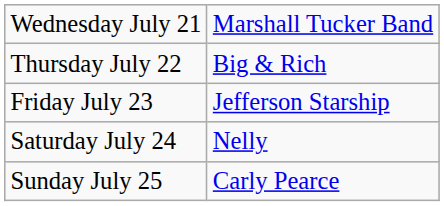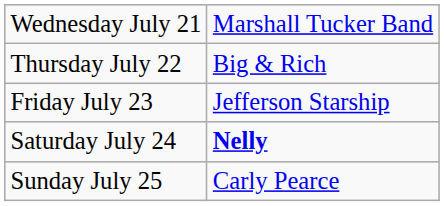 <table class="wikitable">
 <tr>
 <td>Wednesday July 21</td>
 <td><a href='#'>Marshall Tucker Band</a></td>
 </tr>
 <tr>
 <td>Thursday July 22</td>
 <td><a href='#'>Big & Rich</a></td>
 </tr>
 <tr>
 <td>Friday July 23</td>
 <td><a href='#'>Jefferson Starship</a></td>
 </tr>
 <tr>
 <td>Saturday July 24</td>
-<td><a href='#'>Nelly</a></td>
+<td><strong><a href='#'>Nelly</a></strong></td>
 </tr>
 <tr>
 <td>Sunday July 25</td>
 <td><a href='#'>Carly Pearce</a></td>
 </tr>
 </table>
